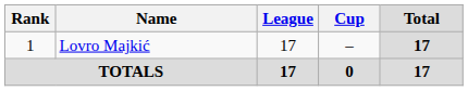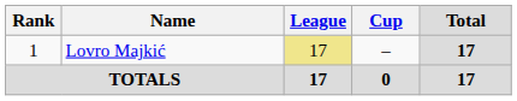 <table class="wikitable" style="font-size: 95%; text-align: center;">
 <tr>
 <th width=40>Rank</th>
 <th width=180>Name</th>
 <th width=50><a href='#'>League</a></th>
 <th width=50><a href='#'>Cup</a></th>
 <th width=70 style="background: #DCDCDC">Total</th>
 </tr>
 <tr>
 <td rowspan=1>1</td>
 <td style="text-align:left;"> <a href='#'>Lovro Majkić</a></td>
-<td>17</td>
+<td style="background: khaki;">17</td>
 <td>–</td>
 <th style="background: #DCDCDC">17</th>
 </tr>
 <tr>
 <th colspan="2" align="center" style="background: #DCDCDC">TOTALS</th>
 <th style="background: #DCDCDC">17</th>
 <th style="background: #DCDCDC">0</th>
 <th style="background: #DCDCDC">17</th>
 </tr>
 </table>
